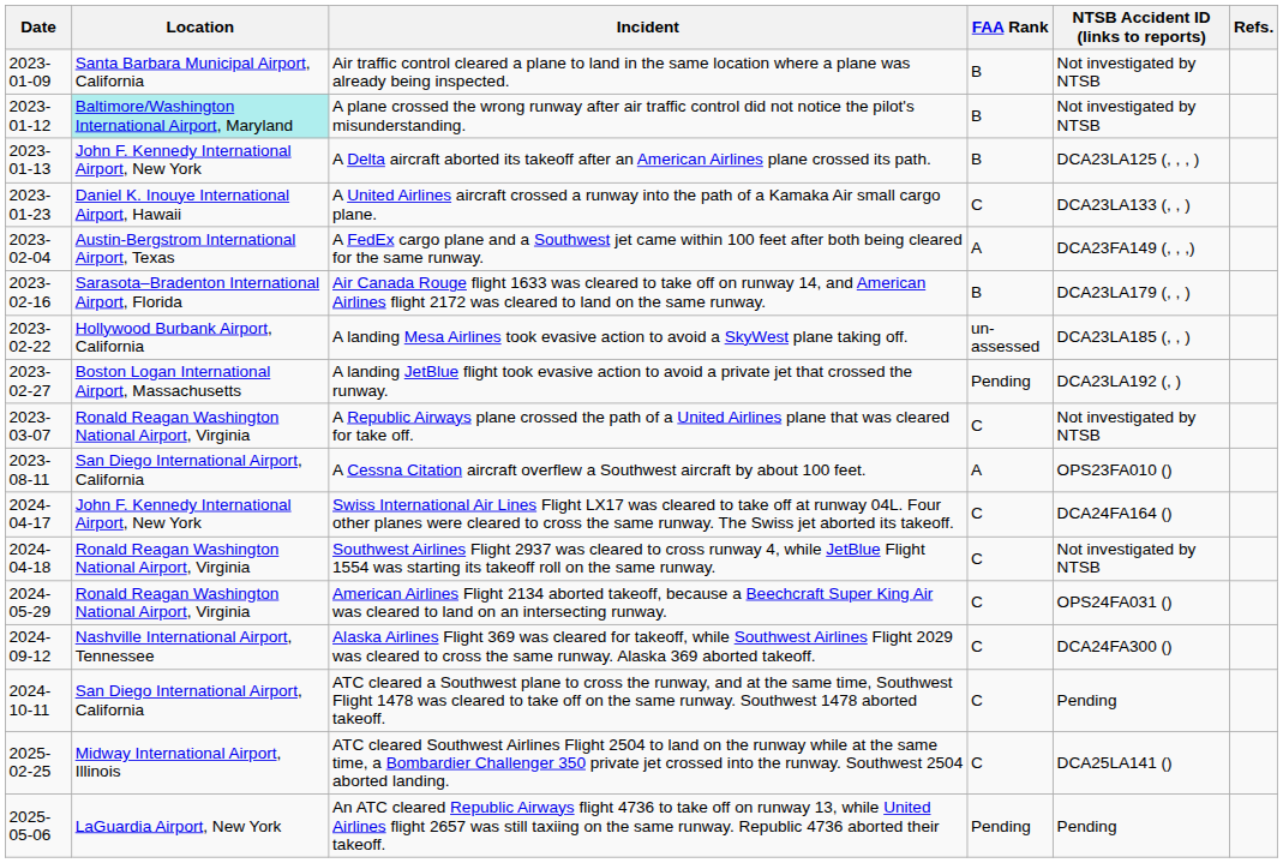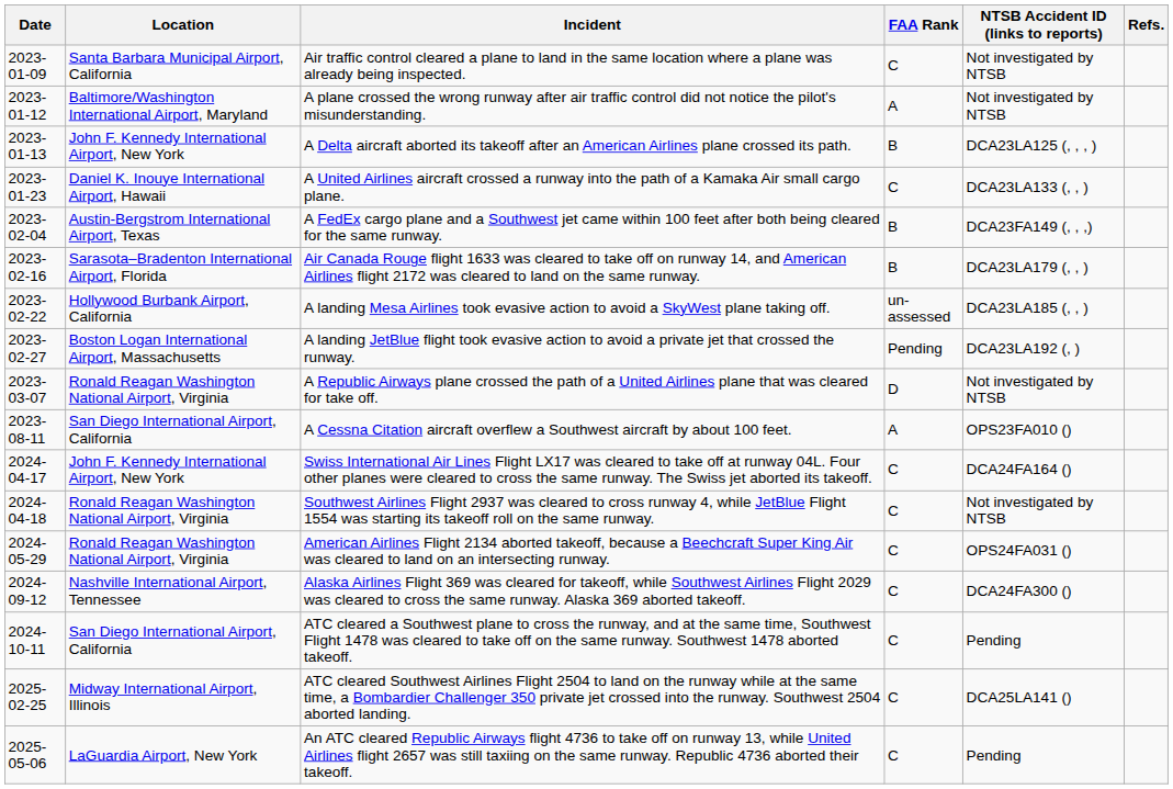 <table class="wikitable sortable">
 <tr>
 <th>Date</th>
 <th>Location</th>
 <th>Incident</th>
 <th><a href='#'>FAA</a>  Rank</th>
 <th>NTSB Accident ID (links to reports)</th>
 <th>Refs.</th>
 </tr>
 <tr>
 <td>2023-01-09</td>
 <td><a href='#'>Santa Barbara Municipal Airport</a>, California</td>
 <td>Air traffic control cleared a plane to land in the same location where a plane was already being inspected.</td>
-<td>B</td>
+<td>C</td>
 <td>Not investigated by NTSB</td>
 <td></td>
 </tr>
 <tr>
 <td>2023-01-12</td>
-<td style="background: paleturquoise;"><a href='#'>Baltimore/Washington International Airport</a>, Maryland</td>
+<td><a href='#'>Baltimore/Washington International Airport</a>, Maryland</td>
 <td>A plane crossed the wrong runway after air traffic control did not notice the pilot's misunderstanding.</td>
-<td>B</td>
+<td>A</td>
 <td>Not investigated by NTSB</td>
 <td></td>
 </tr>
 <tr>
 <td>2023-01-13</td>
 <td><a href='#'>John F. Kennedy International Airport</a>, New York</td>
 <td>A <a href='#'>Delta</a> aircraft aborted its takeoff after an <a href='#'>American Airlines</a> plane crossed its path.</td>
 <td>B</td>
 <td>DCA23LA125 (, , , )</td>
 <td></td>
 </tr>
 <tr>
 <td>2023-01-23</td>
 <td><a href='#'>Daniel K. Inouye International Airport</a>, Hawaii</td>
 <td>A <a href='#'>United Airlines</a> aircraft crossed a runway into the path of a Kamaka Air small cargo plane.</td>
 <td>C</td>
 <td>DCA23LA133 (, , )</td>
 <td></td>
 </tr>
 <tr>
 <td>2023-02-04</td>
 <td><a href='#'>Austin-Bergstrom International Airport</a>, Texas</td>
 <td>A <a href='#'>FedEx</a> cargo plane and a <a href='#'>Southwest</a> jet came within 100 feet after both being cleared for the same runway.</td>
-<td>A</td>
+<td>B</td>
 <td>DCA23FA149 (, , ,)</td>
 <td></td>
 </tr>
 <tr>
 <td>2023-02-16</td>
 <td><a href='#'>Sarasota–Bradenton International Airport</a>, Florida</td>
 <td><a href='#'>Air Canada Rouge</a> flight 1633 was cleared to take off on runway 14, and <a href='#'>American Airlines</a> flight 2172 was cleared to land on the same runway.</td>
 <td>B</td>
 <td>DCA23LA179 (, , )</td>
 <td></td>
 </tr>
 <tr>
 <td>2023-02-22</td>
 <td><a href='#'>Hollywood Burbank Airport</a>, California</td>
 <td>A landing <a href='#'>Mesa Airlines</a> took evasive action to avoid a <a href='#'>SkyWest</a> plane taking off.</td>
 <td>un-assessed</td>
 <td>DCA23LA185 (, , )</td>
 <td></td>
 </tr>
 <tr>
 <td>2023-02-27</td>
 <td><a href='#'>Boston Logan International Airport</a>, Massachusetts</td>
 <td>A landing <a href='#'>JetBlue</a> flight took evasive action to avoid a private jet that crossed the runway.</td>
 <td>Pending</td>
 <td>DCA23LA192 (, )</td>
 <td></td>
 </tr>
 <tr>
 <td>2023-03-07</td>
 <td><a href='#'>Ronald Reagan Washington National Airport</a>, Virginia</td>
 <td>A <a href='#'>Republic Airways</a> plane crossed the path of a <a href='#'>United Airlines</a> plane that was cleared for take off.</td>
-<td>C</td>
+<td>D</td>
 <td>Not investigated by NTSB</td>
 <td></td>
 </tr>
 <tr>
 <td>2023-08-11</td>
 <td><a href='#'>San Diego International Airport</a>, California</td>
 <td>A <a href='#'>Cessna Citation</a> aircraft overflew a Southwest aircraft by about 100 feet.</td>
 <td>A</td>
 <td>OPS23FA010 ()</td>
 <td></td>
 </tr>
 <tr>
 <td>2024-04-17</td>
 <td><a href='#'>John F. Kennedy International Airport</a>, New York</td>
 <td><a href='#'>Swiss International Air Lines</a> Flight LX17 was cleared to take off at runway 04L. Four other planes were cleared to cross the same runway. The Swiss jet aborted its takeoff.</td>
 <td>C</td>
 <td>DCA24FA164 ()</td>
 <td></td>
 </tr>
 <tr>
 <td>2024-04-18</td>
 <td><a href='#'>Ronald Reagan Washington National Airport</a>, Virginia</td>
 <td><a href='#'>Southwest Airlines</a> Flight 2937 was cleared to cross runway 4, while <a href='#'>JetBlue</a> Flight 1554 was starting its takeoff roll on the same runway.</td>
 <td>C</td>
 <td>Not investigated by NTSB</td>
 <td></td>
 </tr>
 <tr>
 <td>2024-05-29</td>
 <td><a href='#'>Ronald Reagan Washington National Airport</a>, Virginia</td>
 <td><a href='#'>American Airlines</a> Flight 2134 aborted takeoff, because a <a href='#'>Beechcraft Super King Air</a> was cleared to land on an intersecting runway.</td>
 <td>C</td>
 <td>OPS24FA031 ()</td>
 <td></td>
 </tr>
 <tr>
 <td>2024-09-12</td>
 <td><a href='#'>Nashville International Airport</a>, Tennessee</td>
 <td><a href='#'>Alaska Airlines</a> Flight 369 was cleared for takeoff, while <a href='#'>Southwest Airlines</a> Flight 2029 was cleared to cross the same runway. Alaska 369 aborted takeoff.</td>
 <td>C</td>
 <td>DCA24FA300 ()</td>
 <td></td>
 </tr>
 <tr>
 <td>2024-10-11</td>
 <td><a href='#'>San Diego International Airport</a>, California</td>
 <td>ATC cleared a Southwest plane to cross the runway, and at the same time, Southwest Flight 1478 was cleared to take off on the same runway. Southwest 1478 aborted takeoff.</td>
 <td>C</td>
 <td>Pending</td>
 <td></td>
 </tr>
 <tr>
 <td>2025-02-25</td>
 <td><a href='#'>Midway International Airport</a>, Illinois</td>
 <td>ATC cleared Southwest Airlines Flight 2504 to land on the runway while at the same time, a <a href='#'>Bombardier Challenger 350</a> private jet crossed into the runway. Southwest 2504 aborted landing.</td>
 <td>C</td>
 <td>DCA25LA141 ()</td>
 <td></td>
 </tr>
 <tr>
 <td>2025-05-06</td>
 <td><a href='#'>LaGuardia Airport</a>, New York</td>
 <td>An ATC cleared <a href='#'>Republic Airways</a> flight 4736 to take off on runway 13, while <a href='#'>United Airlines</a> flight 2657 was still taxiing on the same runway. Republic 4736 aborted their takeoff.</td>
-<td>Pending</td>
+<td>C</td>
 <td>Pending</td>
 <td></td>
 </tr>
 </table>
